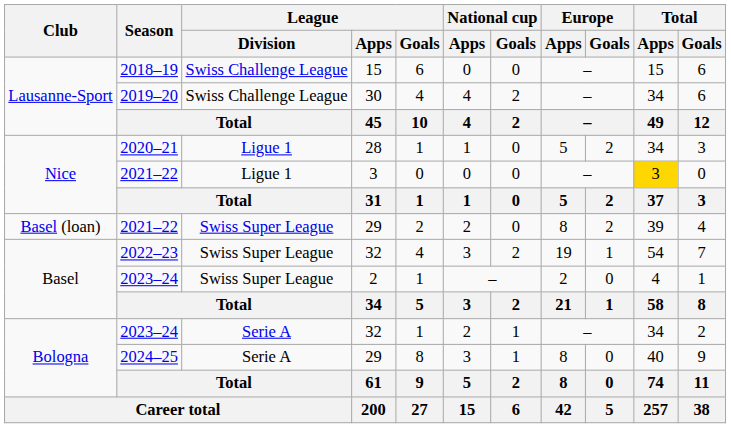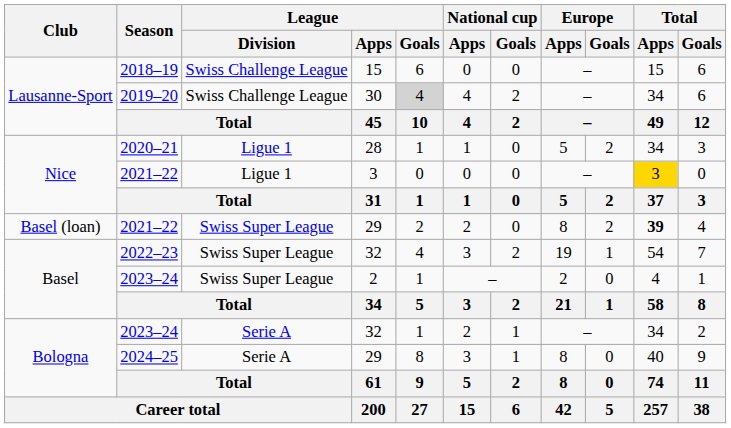 <table class="wikitable" style="text-align:center">
 <tr>
 <th rowspan="2">Club</th>
 <th rowspan="2">Season</th>
 <th colspan="3">League</th>
 <th colspan="2">National cup</th>
 <th colspan="2">Europe</th>
 <th colspan="2">Total</th>
 </tr>
 <tr>
 <th>Division</th>
 <th>Apps</th>
 <th>Goals</th>
 <th>Apps</th>
 <th>Goals</th>
 <th>Apps</th>
 <th>Goals</th>
 <th>Apps</th>
 <th>Goals</th>
 </tr>
 <tr>
 <td rowspan="3"><a href='#'>Lausanne-Sport</a></td>
 <td><a href='#'>2018–19</a></td>
 <td><a href='#'>Swiss Challenge League</a></td>
 <td>15</td>
 <td>6</td>
 <td>0</td>
 <td>0</td>
 <td colspan="2">–</td>
 <td>15</td>
 <td>6</td>
 </tr>
 <tr>
 <td><a href='#'>2019–20</a></td>
 <td>Swiss Challenge League</td>
 <td>30</td>
-<td>4</td>
+<td style="background: lightgrey;">4</td>
 <td>4</td>
 <td>2</td>
 <td colspan="2">–</td>
 <td>34</td>
 <td>6</td>
 </tr>
 <tr>
 <th colspan="2">Total</th>
 <th>45</th>
 <th>10</th>
 <th>4</th>
 <th>2</th>
 <th colspan="2">–</th>
 <th>49</th>
 <th>12</th>
 </tr>
 <tr>
 <td rowspan="3"><a href='#'>Nice</a></td>
 <td><a href='#'>2020–21</a></td>
 <td><a href='#'>Ligue 1</a></td>
 <td>28</td>
 <td>1</td>
 <td>1</td>
 <td>0</td>
 <td>5</td>
 <td>2</td>
 <td>34</td>
 <td>3</td>
 </tr>
 <tr>
 <td><a href='#'>2021–22</a></td>
 <td>Ligue 1</td>
 <td>3</td>
 <td>0</td>
 <td>0</td>
 <td>0</td>
 <td colspan="2">–</td>
 <td style="background: gold;">3</td>
 <td>0</td>
 </tr>
 <tr>
 <th colspan="2">Total</th>
 <th>31</th>
 <th>1</th>
 <th>1</th>
 <th>0</th>
 <th>5</th>
 <th>2</th>
 <th>37</th>
 <th>3</th>
 </tr>
 <tr>
 <td><a href='#'>Basel</a> (loan)</td>
 <td><a href='#'>2021–22</a></td>
 <td><a href='#'>Swiss Super League</a></td>
 <td>29</td>
 <td>2</td>
 <td>2</td>
 <td>0</td>
 <td>8</td>
 <td>2</td>
-<td>39</td>
+<td><strong>39</strong></td>
 <td>4</td>
 </tr>
 <tr>
 <td rowspan="3">Basel</td>
 <td><a href='#'>2022–23</a></td>
 <td>Swiss Super League</td>
 <td>32</td>
 <td>4</td>
 <td>3</td>
 <td>2</td>
 <td>19</td>
 <td>1</td>
 <td>54</td>
 <td>7</td>
 </tr>
 <tr>
 <td><a href='#'>2023–24</a></td>
 <td>Swiss Super League</td>
 <td>2</td>
 <td>1</td>
 <td colspan="2">–</td>
 <td>2</td>
 <td>0</td>
 <td>4</td>
 <td>1</td>
 </tr>
 <tr>
 <th colspan="2">Total</th>
 <th>34</th>
 <th>5</th>
 <th>3</th>
 <th>2</th>
 <th>21</th>
 <th>1</th>
 <th>58</th>
 <th>8</th>
 </tr>
 <tr>
 <td rowspan="3"><a href='#'>Bologna</a></td>
 <td><a href='#'>2023–24</a></td>
 <td><a href='#'>Serie A</a></td>
 <td>32</td>
 <td>1</td>
 <td>2</td>
 <td>1</td>
 <td colspan="2">–</td>
 <td>34</td>
 <td>2</td>
 </tr>
 <tr>
 <td><a href='#'>2024–25</a></td>
 <td>Serie A</td>
 <td>29</td>
 <td>8</td>
 <td>3</td>
 <td>1</td>
 <td>8</td>
 <td>0</td>
 <td>40</td>
 <td>9</td>
 </tr>
 <tr>
 <th colspan="2">Total</th>
 <th>61</th>
 <th>9</th>
 <th>5</th>
 <th>2</th>
 <th>8</th>
 <th>0</th>
 <th>74</th>
 <th>11</th>
 </tr>
 <tr>
 <th colspan="3">Career total</th>
 <th>200</th>
 <th>27</th>
 <th>15</th>
 <th>6</th>
 <th>42</th>
 <th>5</th>
 <th>257</th>
 <th>38</th>
 </tr>
 </table>
